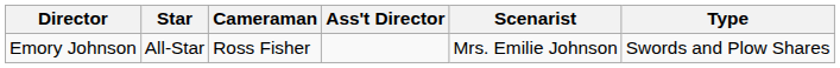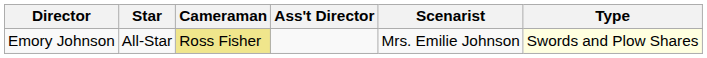 <table class="wikitable" style="margin-right: auto; border: none;">
 <tr>
 <th style=max-width:6em>Director</th>
 <th style=max-width:6em>Star</th>
 <th style=max-width:6em>Cameraman</th>
 <th style=max-width:12em>Ass't Director</th>
 <th style=max-width:6em>Scenarist</th>
 <th style=max-width:6em>Type</th>
 </tr>
 <tr>
 <td>Emory Johnson</td>
 <td>All-Star</td>
-<td>Ross  Fisher</td>
+<td style="background: khaki;">Ross  Fisher</td>
 <td></td>
 <td>Mrs. Emilie Johnson</td>
-<td>Swords and Plow Shares</td>
+<td style="background: lightyellow;">Swords and Plow Shares</td>
 </tr>
 </table>
